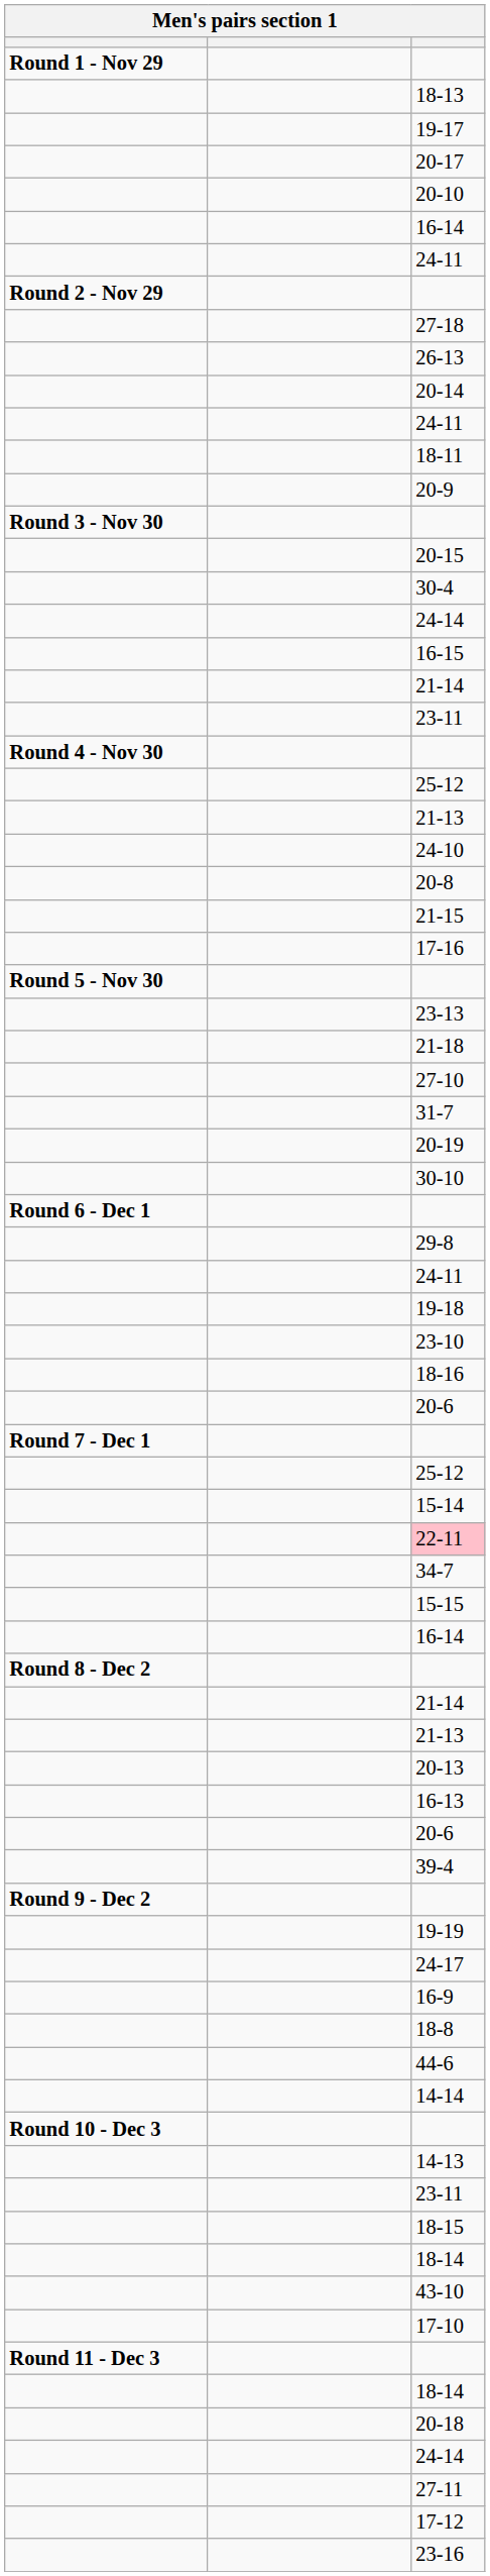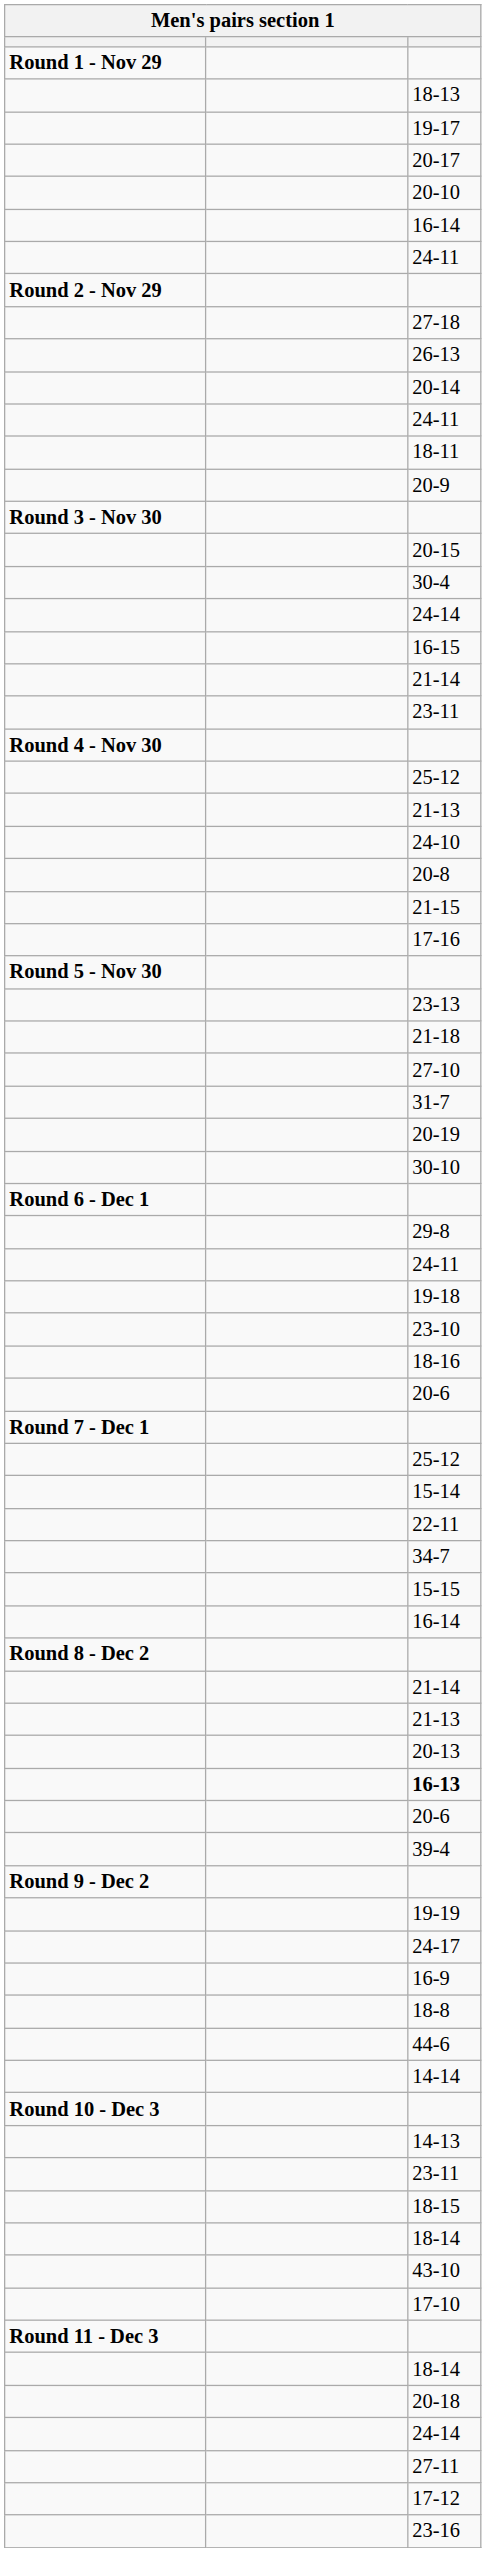 <table class="wikitable">
 <tr>
 <th colspan="3">Men's pairs section 1</th>
 </tr>
 <tr>
 <th width=150></th>
 <th width=150></th>
 <th width=50></th>
 </tr>
 <tr>
 <td><strong>Round 1 - Nov 29</strong></td>
 <td></td>
 <td></td>
 </tr>
 <tr>
 <td></td>
 <td></td>
 <td>18-13</td>
 </tr>
 <tr>
 <td></td>
 <td></td>
 <td>19-17</td>
 </tr>
 <tr>
 <td></td>
 <td></td>
 <td>20-17</td>
 </tr>
 <tr>
 <td></td>
 <td></td>
 <td>20-10</td>
 </tr>
 <tr>
 <td></td>
 <td></td>
 <td>16-14</td>
 </tr>
 <tr>
 <td></td>
 <td></td>
 <td>24-11</td>
 </tr>
 <tr>
 <td><strong>Round 2 - Nov 29</strong></td>
 <td></td>
 <td></td>
 </tr>
 <tr>
 <td></td>
 <td></td>
 <td>27-18</td>
 </tr>
 <tr>
 <td></td>
 <td></td>
 <td>26-13</td>
 </tr>
 <tr>
 <td></td>
 <td></td>
 <td>20-14</td>
 </tr>
 <tr>
 <td></td>
 <td></td>
 <td>24-11</td>
 </tr>
 <tr>
 <td></td>
 <td></td>
 <td>18-11</td>
 </tr>
 <tr>
 <td></td>
 <td></td>
 <td>20-9</td>
 </tr>
 <tr>
 <td><strong>Round 3 - Nov 30</strong></td>
 <td></td>
 <td></td>
 </tr>
 <tr>
 <td></td>
 <td></td>
 <td>20-15</td>
 </tr>
 <tr>
 <td></td>
 <td></td>
 <td>30-4</td>
 </tr>
 <tr>
 <td></td>
 <td></td>
 <td>24-14</td>
 </tr>
 <tr>
 <td></td>
 <td></td>
 <td>16-15</td>
 </tr>
 <tr>
 <td></td>
 <td></td>
 <td>21-14</td>
 </tr>
 <tr>
 <td></td>
 <td></td>
 <td>23-11</td>
 </tr>
 <tr>
 <td><strong>Round 4 - Nov 30</strong></td>
 <td></td>
 <td></td>
 </tr>
 <tr>
 <td></td>
 <td></td>
 <td>25-12</td>
 </tr>
 <tr>
 <td></td>
 <td></td>
 <td>21-13</td>
 </tr>
 <tr>
 <td></td>
 <td></td>
 <td>24-10</td>
 </tr>
 <tr>
 <td></td>
 <td></td>
 <td>20-8</td>
 </tr>
 <tr>
 <td></td>
 <td></td>
 <td>21-15</td>
 </tr>
 <tr>
 <td></td>
 <td></td>
 <td>17-16</td>
 </tr>
 <tr>
 <td><strong>Round 5 - Nov 30</strong></td>
 <td></td>
 <td></td>
 </tr>
 <tr>
 <td></td>
 <td></td>
 <td>23-13</td>
 </tr>
 <tr>
 <td></td>
 <td></td>
 <td>21-18</td>
 </tr>
 <tr>
 <td></td>
 <td></td>
 <td>27-10</td>
 </tr>
 <tr>
 <td></td>
 <td></td>
 <td>31-7</td>
 </tr>
 <tr>
 <td></td>
 <td></td>
 <td>20-19</td>
 </tr>
 <tr>
 <td></td>
 <td></td>
 <td>30-10</td>
 </tr>
 <tr>
 <td><strong>Round 6  - Dec 1</strong></td>
 <td></td>
 <td></td>
 </tr>
 <tr>
 <td></td>
 <td></td>
 <td>29-8</td>
 </tr>
 <tr>
 <td></td>
 <td></td>
 <td>24-11</td>
 </tr>
 <tr>
 <td></td>
 <td></td>
 <td>19-18</td>
 </tr>
 <tr>
 <td></td>
 <td></td>
 <td>23-10</td>
 </tr>
 <tr>
 <td></td>
 <td></td>
 <td>18-16</td>
 </tr>
 <tr>
 <td></td>
 <td></td>
 <td>20-6</td>
 </tr>
 <tr>
 <td><strong>Round 7 - Dec 1</strong></td>
 <td></td>
 <td></td>
 </tr>
 <tr>
 <td></td>
 <td></td>
 <td>25-12</td>
 </tr>
 <tr>
 <td></td>
 <td></td>
 <td>15-14</td>
 </tr>
 <tr>
 <td></td>
 <td></td>
-<td style="background: pink;">22-11</td>
+<td>22-11</td>
 </tr>
 <tr>
 <td></td>
 <td></td>
 <td>34-7</td>
 </tr>
 <tr>
 <td></td>
 <td></td>
 <td>15-15</td>
 </tr>
 <tr>
 <td></td>
 <td></td>
 <td>16-14</td>
 </tr>
 <tr>
 <td><strong>Round 8 - Dec 2</strong></td>
 <td></td>
 <td></td>
 </tr>
 <tr>
 <td></td>
 <td></td>
 <td>21-14</td>
 </tr>
 <tr>
 <td></td>
 <td></td>
 <td>21-13</td>
 </tr>
 <tr>
 <td></td>
 <td></td>
 <td>20-13</td>
 </tr>
 <tr>
 <td></td>
 <td></td>
-<td>16-13</td>
+<td><strong>16-13</strong></td>
 </tr>
 <tr>
 <td></td>
 <td></td>
 <td>20-6</td>
 </tr>
 <tr>
 <td></td>
 <td></td>
 <td>39-4</td>
 </tr>
 <tr>
 <td><strong>Round 9 - Dec 2</strong></td>
 <td></td>
 <td></td>
 </tr>
 <tr>
 <td></td>
 <td></td>
 <td>19-19</td>
 </tr>
 <tr>
 <td></td>
 <td></td>
 <td>24-17</td>
 </tr>
 <tr>
 <td></td>
 <td></td>
 <td>16-9</td>
 </tr>
 <tr>
 <td></td>
 <td></td>
 <td>18-8</td>
 </tr>
 <tr>
 <td></td>
 <td></td>
 <td>44-6</td>
 </tr>
 <tr>
 <td></td>
 <td></td>
 <td>14-14</td>
 </tr>
 <tr>
 <td><strong>Round 10 - Dec 3</strong></td>
 <td></td>
 <td></td>
 </tr>
 <tr>
 <td></td>
 <td></td>
 <td>14-13</td>
 </tr>
 <tr>
 <td></td>
 <td></td>
 <td>23-11</td>
 </tr>
 <tr>
 <td></td>
 <td></td>
 <td>18-15</td>
 </tr>
 <tr>
 <td></td>
 <td></td>
 <td>18-14</td>
 </tr>
 <tr>
 <td></td>
 <td></td>
 <td>43-10</td>
 </tr>
 <tr>
 <td></td>
 <td></td>
 <td>17-10</td>
 </tr>
 <tr>
 <td><strong>Round 11 - Dec 3</strong></td>
 <td></td>
 <td></td>
 </tr>
 <tr>
 <td></td>
 <td></td>
 <td>18-14</td>
 </tr>
 <tr>
 <td></td>
 <td></td>
 <td>20-18</td>
 </tr>
 <tr>
 <td></td>
 <td></td>
 <td>24-14</td>
 </tr>
 <tr>
 <td></td>
 <td></td>
 <td>27-11</td>
 </tr>
 <tr>
 <td></td>
 <td></td>
 <td>17-12</td>
 </tr>
 <tr>
 <td></td>
 <td></td>
 <td>23-16</td>
 </tr>
 <tr>
 </tr>
 </table>
